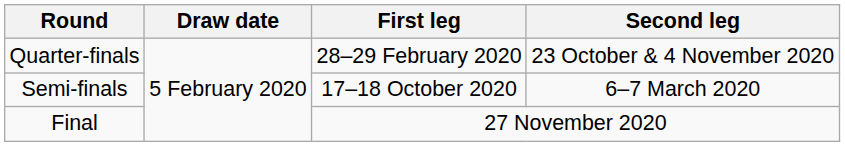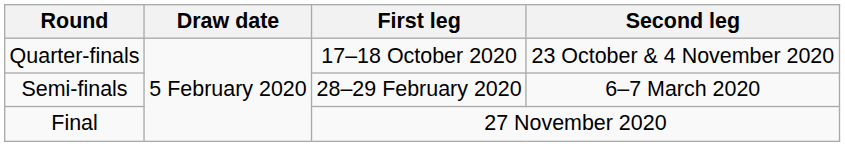 <table class="wikitable" style="text-align:center">
 <tr>
 <th>Round</th>
 <th>Draw date</th>
 <th>First leg</th>
 <th>Second leg</th>
 </tr>
 <tr>
 <td>Quarter-finals</td>
 <td rowspan=3>5 February 2020</td>
-<td>28–29 February 2020</td>
+<td>17–18 October 2020</td>
 <td>23 October & 4 November 2020</td>
 </tr>
 <tr>
 <td>Semi-finals</td>
-<td>17–18 October 2020</td>
+<td>28–29 February 2020</td>
 <td>6–7 March 2020</td>
 </tr>
 <tr>
 <td>Final</td>
 <td colspan=2>27 November 2020</td>
 </tr>
 </table>
